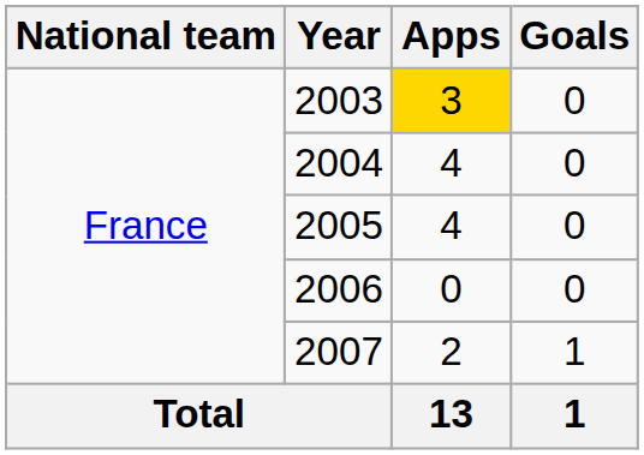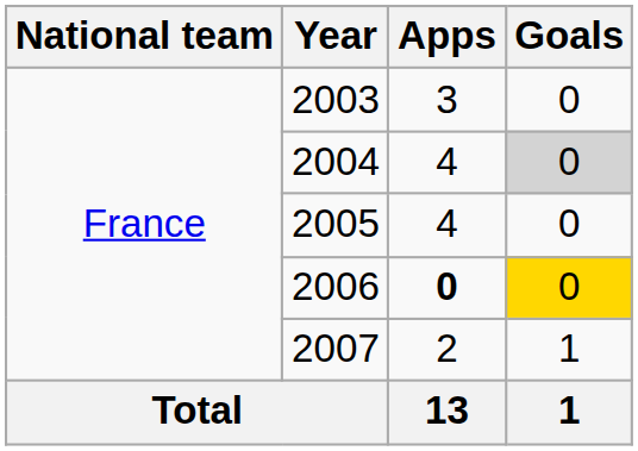 <table class="wikitable" style="text-align:center">
 <tr>
 <th>National team</th>
 <th>Year</th>
 <th>Apps</th>
 <th>Goals</th>
 </tr>
 <tr>
 <td rowspan="5"><a href='#'>France</a></td>
 <td>2003</td>
-<td style="background: gold;">3</td>
+<td>3</td>
 <td>0</td>
 </tr>
 <tr>
 <td>2004</td>
 <td>4</td>
-<td>0</td>
+<td style="background: lightgrey;">0</td>
 </tr>
 <tr>
 <td>2005</td>
 <td>4</td>
 <td>0</td>
 </tr>
 <tr>
 <td>2006</td>
-<td>0</td>
-<td>0</td>
+<td><strong>0</strong></td>
+<td style="background: gold;">0</td>
 </tr>
 <tr>
 <td>2007</td>
 <td>2</td>
 <td>1</td>
 </tr>
 <tr>
 <th colspan="2">Total</th>
 <th>13</th>
 <th>1</th>
 </tr>
 </table>
